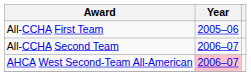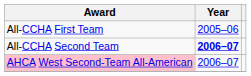 <table class="wikitable">
 <tr>
 <th>Award</th>
 <th>Year</th>
 <th></th>
 </tr>
 <tr>
 <td>All-<a href='#'>CCHA</a> <a href='#'>First Team</a></td>
 <td><a href='#'>2005–06</a></td>
 <td></td>
 </tr>
 <tr>
 <td>All-<a href='#'>CCHA</a> <a href='#'>Second Team</a></td>
-<td><a href='#'>2006–07</a></td>
+<td><strong><a href='#'>2006–07</a></strong></td>
 <td></td>
 </tr>
 <tr>
-<td><a href='#'>AHCA</a> <a href='#'>West Second-Team All-American</a></td>
-<td style="background: pink;"><a href='#'>2006–07</a></td>
+<td style="background: pink;"><a href='#'>AHCA</a> <a href='#'>West Second-Team All-American</a></td>
+<td><a href='#'>2006–07</a></td>
 <td></td>
 </tr>
 <tr>
 </tr>
 </table>
